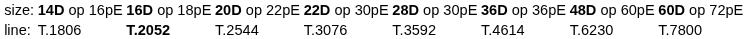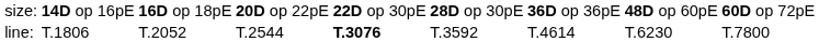 <table style="margin-left:40px;">
 <tr>
 <td>size:</td>
 <td><strong>14D</strong> op 16pE</td>
 <td><strong>16D</strong> op 18pE</td>
 <td><strong>20D</strong> op 22pE</td>
 <td><strong>22D</strong> op 30pE</td>
 <td><strong>28D</strong> op 30pE</td>
 <td><strong>36D</strong> op 36pE</td>
 <td><strong>48D</strong> op 60pE</td>
 <td><strong>60D</strong> op 72pE</td>
 </tr>
 <tr>
 <td>line:</td>
 <td>T.1806</td>
-<td><strong>T.2052</strong></td>
+<td>T.2052</td>
 <td>T.2544</td>
-<td>T.3076</td>
+<td><strong>T.3076</strong></td>
 <td>T.3592</td>
 <td>T.4614</td>
 <td>T.6230</td>
 <td>T.7800</td>
 </tr>
 </table>
